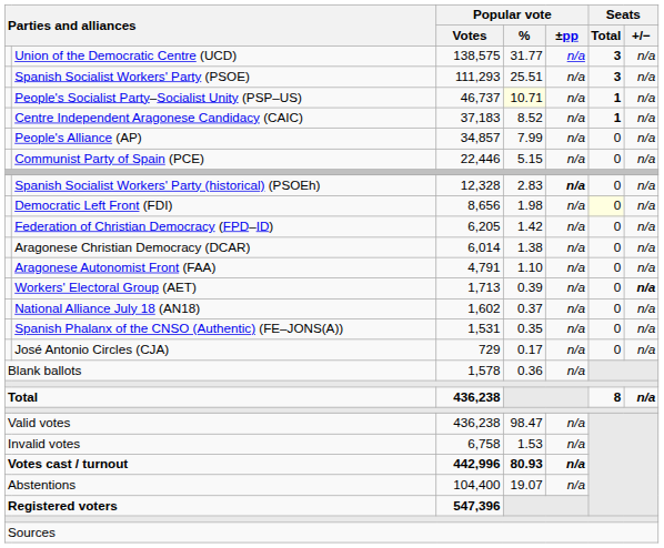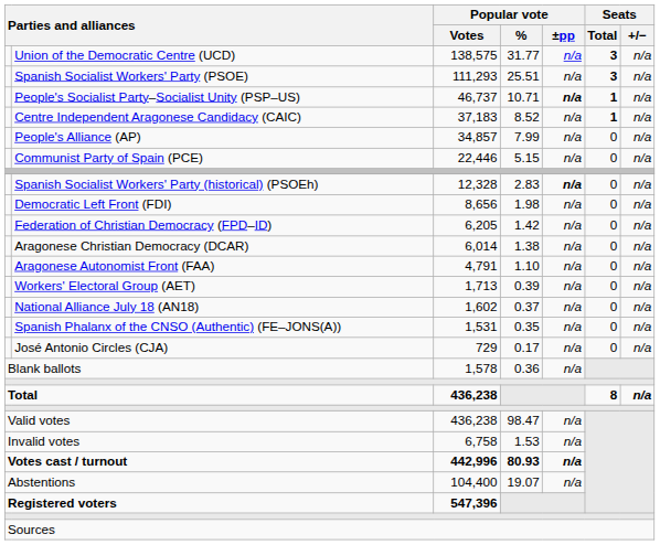 <table class="wikitable" style="text-align:right;">
 <tr>
 <th style="text-align:left;" rowspan="2" colspan="2" width="525">Parties and alliances</th>
 <th colspan="3">Popular vote</th>
 <th colspan="2">Seats</th>
 </tr>
 <tr>
 <th width="75">Votes</th>
 <th width="45">%</th>
 <th width="45">±<a href='#'>pp</a></th>
 <th width="35">Total</th>
 <th width="35">+/−</th>
 </tr>
 <tr>
 <td width="1" style="color:inherit;background:"></td>
 <td align="left"><a href='#'>Union of the Democratic Centre</a> (UCD)</td>
 <td>138,575</td>
 <td>31.77</td>
 <td><em><a href='#'>n/a</a></em></td>
 <td><strong>3</strong></td>
 <td><em>n/a</em></td>
 </tr>
 <tr>
 <td style="color:inherit;background:"></td>
 <td align="left"><a href='#'>Spanish Socialist Workers' Party</a> (PSOE)</td>
 <td>111,293</td>
 <td>25.51</td>
 <td><em>n/a</em></td>
 <td><strong>3</strong></td>
 <td><em>n/a</em></td>
 </tr>
 <tr>
 <td style="color:inherit;background:"></td>
 <td align="left"><a href='#'>People's Socialist Party</a>–<a href='#'>Socialist Unity</a> (PSP–US)</td>
 <td>46,737</td>
-<td style="background: lightyellow;">10.71</td>
-<td><em>n/a</em></td>
+<td>10.71</td>
+<td><strong><em>n/a</em></strong></td>
 <td><strong>1</strong></td>
 <td><em>n/a</em></td>
 </tr>
 <tr>
 <td style="color:inherit;background:"></td>
 <td align="left"><a href='#'>Centre Independent Aragonese Candidacy</a> (CAIC)</td>
 <td>37,183</td>
 <td>8.52</td>
 <td><em>n/a</em></td>
 <td><strong>1</strong></td>
 <td><em>n/a</em></td>
 </tr>
 <tr>
 <td style="color:inherit;background:"></td>
 <td align="left"><a href='#'>People's Alliance</a> (AP)</td>
 <td>34,857</td>
 <td>7.99</td>
 <td><em>n/a</em></td>
 <td>0</td>
 <td><em>n/a</em></td>
 </tr>
 <tr>
 <td style="color:inherit;background:"></td>
 <td align="left"><a href='#'>Communist Party of Spain</a> (PCE)</td>
 <td>22,446</td>
 <td>5.15</td>
 <td><em>n/a</em></td>
 <td>0</td>
 <td><em>n/a</em></td>
 </tr>
 <tr>
 <td colspan="7" bgcolor="#C0C0C0"></td>
 </tr>
 <tr>
 <td style="color:inherit;background:"></td>
 <td align="left"><a href='#'>Spanish Socialist Workers' Party (historical)</a> (PSOEh)</td>
 <td>12,328</td>
 <td>2.83</td>
 <td><strong><em>n/a</em></strong></td>
 <td>0</td>
 <td><em>n/a</em></td>
 </tr>
 <tr>
 <td style="color:inherit;background:"></td>
 <td align="left"><a href='#'>Democratic Left Front</a> (FDI)</td>
 <td>8,656</td>
 <td>1.98</td>
 <td><em>n/a</em></td>
-<td style="background: lightyellow;">0</td>
+<td>0</td>
 <td><em>n/a</em></td>
 </tr>
 <tr>
 <td style="color:inherit;background:"></td>
 <td align="left"><a href='#'>Federation of Christian Democracy</a> (<a href='#'>FPD</a>–<a href='#'>ID</a>)</td>
 <td>6,205</td>
 <td>1.42</td>
 <td><em>n/a</em></td>
 <td>0</td>
 <td><em>n/a</em></td>
 </tr>
 <tr>
 <td style="color:inherit;background:"></td>
 <td align="left">Aragonese Christian Democracy (DCAR)</td>
 <td>6,014</td>
 <td>1.38</td>
 <td><em>n/a</em></td>
 <td>0</td>
 <td><em>n/a</em></td>
 </tr>
 <tr>
 <td style="color:inherit;background:"></td>
 <td align="left"><a href='#'>Aragonese Autonomist Front</a> (FAA)</td>
 <td>4,791</td>
 <td>1.10</td>
 <td><em>n/a</em></td>
 <td>0</td>
 <td><em>n/a</em></td>
 </tr>
 <tr>
 <td style="color:inherit;background:"></td>
 <td align="left"><a href='#'>Workers' Electoral Group</a> (AET)</td>
 <td>1,713</td>
 <td>0.39</td>
 <td><em>n/a</em></td>
 <td>0</td>
-<td><strong><em>n/a</em></strong></td>
+<td><em>n/a</em></td>
 </tr>
 <tr>
 <td style="color:inherit;background:"></td>
 <td align="left"><a href='#'>National Alliance July 18</a> (AN18)</td>
 <td>1,602</td>
 <td>0.37</td>
 <td><em>n/a</em></td>
 <td>0</td>
 <td><em>n/a</em></td>
 </tr>
 <tr>
 <td style="color:inherit;background:"></td>
 <td align="left"><a href='#'>Spanish Phalanx of the CNSO (Authentic)</a> (FE–JONS(A))</td>
 <td>1,531</td>
 <td>0.35</td>
 <td><em>n/a</em></td>
 <td>0</td>
 <td><em>n/a</em></td>
 </tr>
 <tr>
 <td style="color:inherit;background:"></td>
 <td align="left">José Antonio Circles (CJA)</td>
 <td>729</td>
 <td>0.17</td>
 <td><em>n/a</em></td>
 <td>0</td>
 <td><em>n/a</em></td>
 </tr>
 <tr>
 <td align="left" colspan="2">Blank ballots</td>
 <td>1,578</td>
 <td>0.36</td>
 <td><em>n/a</em></td>
 <td bgcolor="#E9E9E9" colspan="2"></td>
 </tr>
 <tr>
 <td colspan="7" bgcolor="#E9E9E9"></td>
 </tr>
 <tr style="font-weight:bold;">
 <td align="left" colspan="2">Total</td>
 <td>436,238</td>
 <td bgcolor="#E9E9E9" colspan="2"></td>
 <td>8</td>
 <td><em>n/a</em></td>
 </tr>
 <tr>
 <td colspan="7" bgcolor="#E9E9E9"></td>
 </tr>
 <tr>
 <td align="left" colspan="2">Valid votes</td>
 <td>436,238</td>
 <td>98.47</td>
 <td><em>n/a</em></td>
 <td bgcolor="#E9E9E9" colspan="2" rowspan="5"></td>
 </tr>
 <tr>
 <td align="left" colspan="2">Invalid votes</td>
 <td>6,758</td>
 <td>1.53</td>
 <td><em>n/a</em></td>
 </tr>
 <tr style="font-weight:bold;">
 <td align="left" colspan="2">Votes cast / turnout</td>
 <td>442,996</td>
 <td>80.93</td>
 <td><em>n/a</em></td>
 </tr>
 <tr>
 <td align="left" colspan="2">Abstentions</td>
 <td>104,400</td>
 <td>19.07</td>
 <td><em>n/a</em></td>
 </tr>
 <tr style="font-weight:bold;">
 <td align="left" colspan="2">Registered voters</td>
 <td>547,396</td>
 <td bgcolor="#E9E9E9" colspan="2"></td>
 </tr>
 <tr>
 <td colspan="7" bgcolor="#E9E9E9"></td>
 </tr>
 <tr>
 <td align="left" colspan="7">Sources</td>
 </tr>
 </table>
